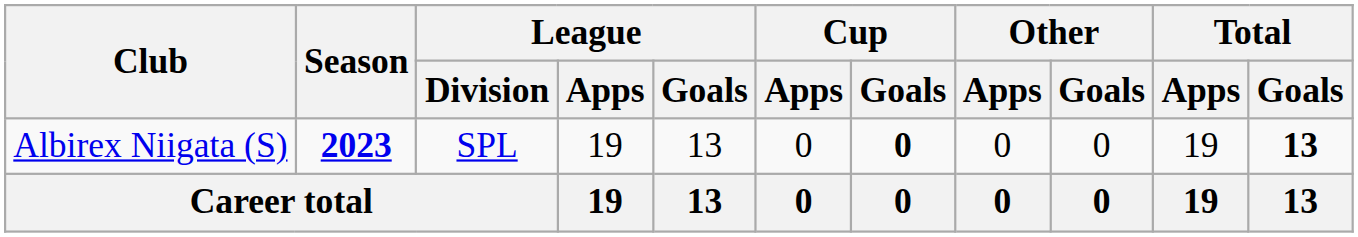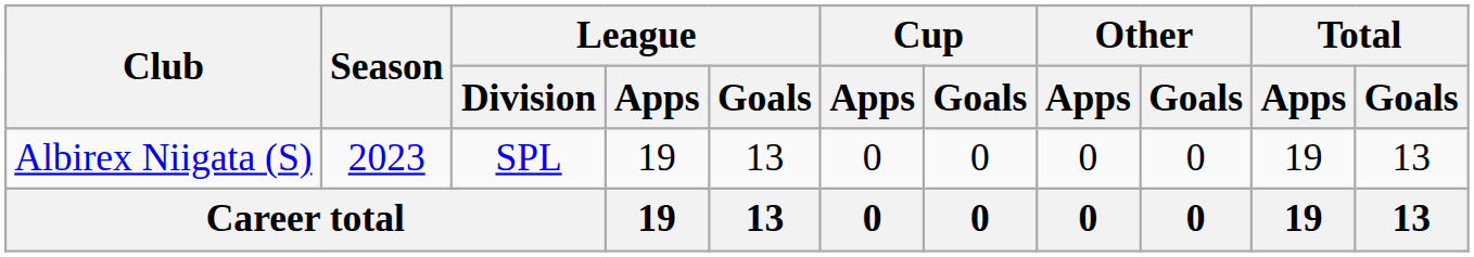 <table class=wikitable style=text-align:center>
 <tr>
 <th rowspan=2>Club</th>
 <th rowspan=2>Season</th>
 <th colspan=3>League</th>
 <th colspan=2>Cup</th>
 <th colspan=2>Other</th>
 <th colspan=2>Total</th>
 </tr>
 <tr>
 <th>Division</th>
 <th>Apps</th>
 <th>Goals</th>
 <th>Apps</th>
 <th>Goals</th>
 <th>Apps</th>
 <th>Goals</th>
 <th>Apps</th>
 <th>Goals</th>
 </tr>
 <tr>
 <td><a href='#'>Albirex Niigata (S)</a></td>
-<td><strong><a href='#'>2023</a></strong></td>
+<td><a href='#'>2023</a></td>
 <td><a href='#'>SPL</a></td>
 <td>19</td>
 <td>13</td>
 <td>0</td>
-<td><strong>0</strong></td>
+<td>0</td>
 <td>0</td>
 <td>0</td>
 <td>19</td>
-<td><strong>13</strong></td>
+<td>13</td>
 </tr>
 <tr>
 <th colspan=3>Career total</th>
 <th>19</th>
 <th>13</th>
 <th>0</th>
 <th>0</th>
 <th>0</th>
 <th>0</th>
 <th>19</th>
 <th>13</th>
 </tr>
 </table>
